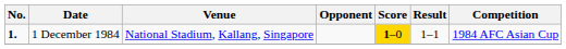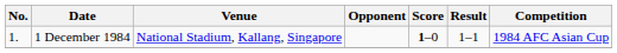 <table class="wikitable">
 <tr>
 <th>No.</th>
 <th>Date</th>
 <th>Venue</th>
 <th>Opponent</th>
 <th>Score</th>
 <th>Result</th>
 <th>Competition</th>
 </tr>
 <tr>
-<td><strong>1.</strong></td>
+<td>1.</td>
 <td>1 December 1984</td>
 <td><a href='#'>National Stadium</a>, <a href='#'>Kallang</a>, <a href='#'>Singapore</a></td>
 <td></td>
-<td align=center style="background: gold;"><strong>1</strong>–0</td>
+<td align=center><strong>1</strong>–0</td>
 <td align=center>1–1</td>
 <td><a href='#'>1984 AFC Asian Cup</a></td>
 </tr>
 <tr>
 </tr>
 </table>
